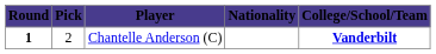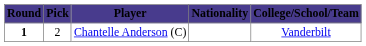 <table style="border-collapse: collapse;" border="1" cellpadding="3">
 <tr align="center">
 <td bgcolor="#483B8D"><span><strong>Round</strong></span></td>
 <td bgcolor="#483B8D"><span><strong>Pick</strong></span></td>
 <td bgcolor="#483B8D"><span><strong>Player</strong></span></td>
 <td bgcolor="#483B8D"><span><strong>Nationality</strong></span></td>
 <td bgcolor="#483B8D"><span><strong>College/School/Team</strong></span></td>
 </tr>
 <tr align="center">
 <td><strong>1</strong></td>
 <td>2</td>
 <td><a href='#'>Chantelle Anderson</a> (C)</td>
 <td></td>
-<td><strong><a href='#'>Vanderbilt</a></strong></td>
+<td><a href='#'>Vanderbilt</a></td>
 </tr>
 </table>
